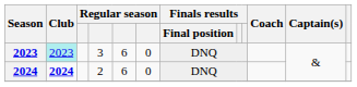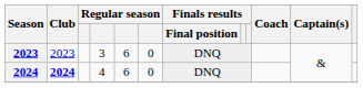 <table class="wikitable sortable plainrowheaders" style="text-align:center;">
 <tr>
 <th scope="col" rowspan=2>Season</th>
 <th scope="col" class="unsortable" rowspan=2>Club</th>
 <th scope="col" colspan="4">Regular season</th>
 <th scope="col" colspan="3">Finals results</th>
 <th scope="col" rowspan=2>Coach</th>
 <th scope="col" rowspan=2>Captain(s)</th>
 <th scope="col" class="unsortable" rowspan=2></th>
 </tr>
 <tr>
 <th scope="col"></th>
 <th scope="col"></th>
 <th scope="col"></th>
 <th scope="col"></th>
 <th scope="col">Final position</th>
 <th scope="col"></th>
 <th scope="col"></th>
 </tr>
 <tr>
 <th scope="row" style="text-align:center;"><a href='#'>2023</a></th>
-<td style="background: paleturquoise;"><a href='#'>2023</a></td>
+<td><a href='#'>2023</a></td>
 <td></td>
 <td>3</td>
 <td>6</td>
 <td>0</td>
 <td colspan=3 style="background:#efefef;">DNQ</td>
 <td></td>
 <td rowspan=2> & </td>
 <td></td>
 </tr>
 <tr>
 <th scope="row" style="text-align:center;"><a href='#'>2024</a></th>
 <td><strong><a href='#'>2024</a></strong></td>
 <td></td>
-<td>2</td>
+<td>4</td>
 <td>6</td>
 <td>0</td>
 <td colspan=3 style="background:#efefef;">DNQ</td>
 <td></td>
 <td></td>
 </tr>
 <tr>
 </tr>
 </table>
